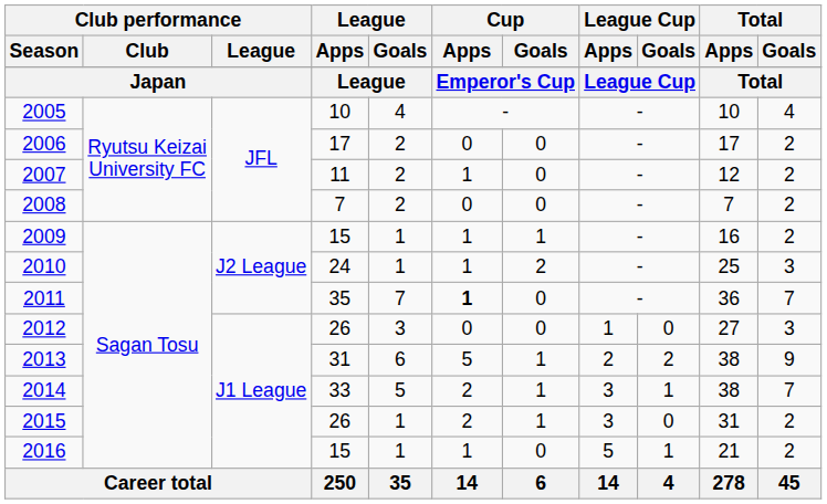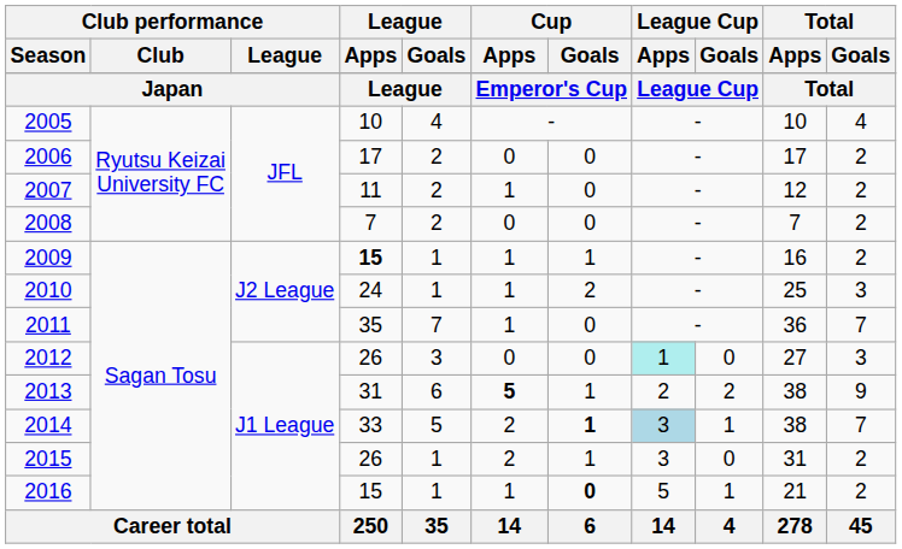 <table class="wikitable" style="text-align:center">
 <tr>
 <th colspan=3>Club performance</th>
 <th colspan=2>League</th>
 <th colspan=2>Cup</th>
 <th colspan=2>League Cup</th>
 <th colspan=2>Total</th>
 </tr>
 <tr>
 <th>Season</th>
 <th>Club</th>
 <th>League</th>
 <th>Apps</th>
 <th>Goals</th>
 <th>Apps</th>
 <th>Goals</th>
 <th>Apps</th>
 <th>Goals</th>
 <th>Apps</th>
 <th>Goals</th>
 </tr>
 <tr>
 </tr>
 <tr>
 <th colspan=3>Japan</th>
 <th colspan=2>League</th>
 <th colspan=2><a href='#'>Emperor's Cup</a></th>
 <th colspan=2><a href='#'>League Cup</a></th>
 <th colspan=2>Total</th>
 </tr>
 <tr>
 <td><a href='#'>2005</a></td>
 <td rowspan="4"><a href='#'>Ryutsu Keizai<br>University FC</a></td>
 <td rowspan="4"><a href='#'>JFL</a></td>
 <td>10</td>
 <td>4</td>
 <td colspan="2">-</td>
 <td colspan="2">-</td>
 <td>10</td>
 <td>4</td>
 </tr>
 <tr>
 <td><a href='#'>2006</a></td>
 <td>17</td>
 <td>2</td>
 <td>0</td>
 <td>0</td>
 <td colspan="2">-</td>
 <td>17</td>
 <td>2</td>
 </tr>
 <tr>
 <td><a href='#'>2007</a></td>
 <td>11</td>
 <td>2</td>
 <td>1</td>
 <td>0</td>
 <td colspan="2">-</td>
 <td>12</td>
 <td>2</td>
 </tr>
 <tr>
 <td><a href='#'>2008</a></td>
 <td>7</td>
 <td>2</td>
 <td>0</td>
 <td>0</td>
 <td colspan="2">-</td>
 <td>7</td>
 <td>2</td>
 </tr>
 <tr>
 <td><a href='#'>2009</a></td>
 <td rowspan="8"><a href='#'>Sagan Tosu</a></td>
 <td rowspan="3"><a href='#'>J2 League</a></td>
-<td>15</td>
+<td><strong>15</strong></td>
 <td>1</td>
 <td>1</td>
 <td>1</td>
 <td colspan="2">-</td>
 <td>16</td>
 <td>2</td>
 </tr>
 <tr>
 <td><a href='#'>2010</a></td>
 <td>24</td>
 <td>1</td>
 <td>1</td>
 <td>2</td>
 <td colspan="2">-</td>
 <td>25</td>
 <td>3</td>
 </tr>
 <tr>
 <td><a href='#'>2011</a></td>
 <td>35</td>
 <td>7</td>
-<td><strong>1</strong></td>
+<td>1</td>
 <td>0</td>
 <td colspan="2">-</td>
 <td>36</td>
 <td>7</td>
 </tr>
 <tr>
 <td><a href='#'>2012</a></td>
 <td rowspan="5"><a href='#'>J1 League</a></td>
 <td>26</td>
 <td>3</td>
 <td>0</td>
 <td>0</td>
-<td>1</td>
+<td style="background: paleturquoise;">1</td>
 <td>0</td>
 <td>27</td>
 <td>3</td>
 </tr>
 <tr>
 <td><a href='#'>2013</a></td>
 <td>31</td>
 <td>6</td>
-<td>5</td>
+<td><strong>5</strong></td>
 <td>1</td>
 <td>2</td>
 <td>2</td>
 <td>38</td>
 <td>9</td>
 </tr>
 <tr>
 <td><a href='#'>2014</a></td>
 <td>33</td>
 <td>5</td>
 <td>2</td>
-<td>1</td>
-<td>3</td>
+<td><strong>1</strong></td>
+<td style="background: lightblue;">3</td>
 <td>1</td>
 <td>38</td>
 <td>7</td>
 </tr>
 <tr>
 <td><a href='#'>2015</a></td>
 <td>26</td>
 <td>1</td>
 <td>2</td>
 <td>1</td>
 <td>3</td>
 <td>0</td>
 <td>31</td>
 <td>2</td>
 </tr>
 <tr>
 <td><a href='#'>2016</a></td>
 <td>15</td>
 <td>1</td>
 <td>1</td>
-<td>0</td>
+<td><strong>0</strong></td>
 <td>5</td>
 <td>1</td>
 <td>21</td>
 <td>2</td>
 </tr>
 <tr>
 <th colspan=3>Career total</th>
 <th>250</th>
 <th>35</th>
 <th>14</th>
 <th>6</th>
 <th>14</th>
 <th>4</th>
 <th>278</th>
 <th>45</th>
 </tr>
 </table>
